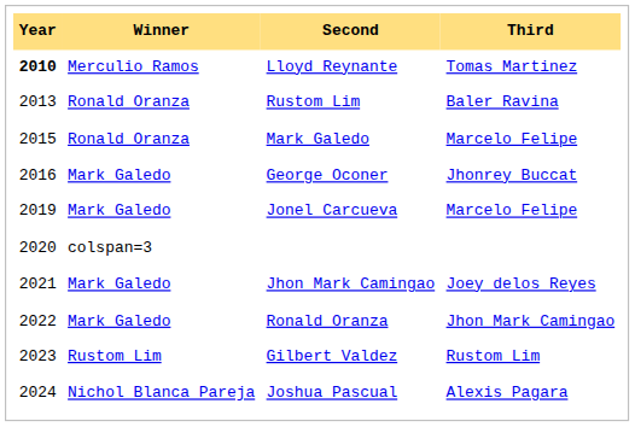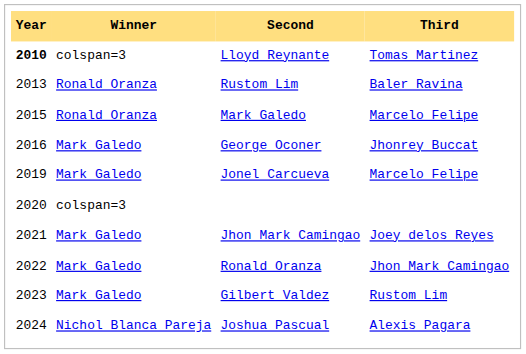 <table cellpadding="4" cellspacing="0"  style="border: 1px solid silver; color: black; margin: 0 0 0.5em 0; background-color: white; padding: 5px; text-align: left; font-size:85%; vertical-align: top; line-height:1.6em;">
 <tr>
 <th scope=col; align="center" bgcolor="FFDF80">Year</th>
 <th scope=col; align="center" bgcolor="FFDF80">Winner</th>
 <th scope=col; align="center" bgcolor="FFDF80">Second</th>
 <th scope=col; align="center" bgcolor="FFDF80">Third</th>
 </tr>
 <tr>
 <td><strong>2010</strong></td>
-<td><a href='#'>Merculio Ramos</a></td>
+<td>colspan=3 </td>
 <td><a href='#'>Lloyd Reynante</a></td>
 <td><a href='#'>Tomas Martinez</a></td>
 </tr>
 <tr>
 <td>2013</td>
 <td><a href='#'>Ronald Oranza</a></td>
 <td><a href='#'>Rustom Lim</a></td>
 <td><a href='#'>Baler Ravina</a></td>
 </tr>
 <tr>
 <td>2015</td>
 <td><a href='#'>Ronald Oranza</a></td>
 <td><a href='#'>Mark Galedo</a></td>
 <td><a href='#'>Marcelo Felipe</a></td>
 </tr>
 <tr>
 <td>2016</td>
 <td><a href='#'>Mark Galedo</a></td>
 <td><a href='#'>George Oconer</a></td>
 <td><a href='#'>Jhonrey Buccat</a></td>
 </tr>
 <tr>
 <td>2019</td>
 <td><a href='#'>Mark Galedo</a></td>
 <td><a href='#'>Jonel Carcueva</a></td>
 <td><a href='#'>Marcelo Felipe</a></td>
 </tr>
 <tr>
 <td>2020</td>
 <td>colspan=3 </td>
 </tr>
 <tr>
 <td>2021</td>
 <td><a href='#'>Mark Galedo</a></td>
 <td><a href='#'>Jhon Mark Camingao</a></td>
 <td><a href='#'>Joey delos Reyes</a></td>
 </tr>
 <tr>
 <td>2022</td>
 <td><a href='#'>Mark Galedo</a></td>
 <td><a href='#'>Ronald Oranza</a></td>
 <td><a href='#'>Jhon Mark Camingao</a></td>
 </tr>
 <tr>
 <td>2023</td>
-<td><a href='#'>Rustom Lim</a></td>
+<td><a href='#'>Mark Galedo</a></td>
 <td><a href='#'>Gilbert Valdez</a></td>
 <td><a href='#'>Rustom Lim</a></td>
 </tr>
 <tr>
 <td>2024</td>
 <td><a href='#'>Nichol Blanca Pareja</a></td>
 <td><a href='#'>Joshua Pascual</a></td>
 <td><a href='#'>Alexis Pagara</a></td>
 </tr>
 </table>
